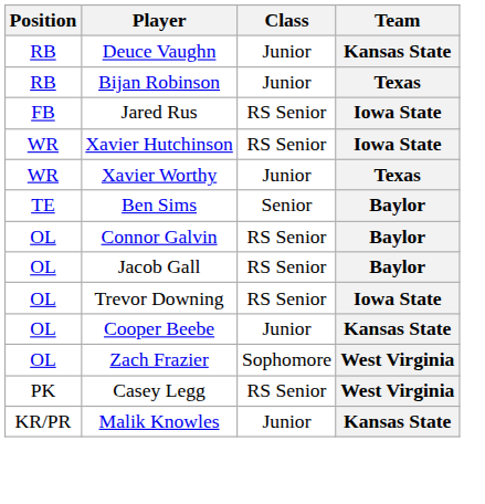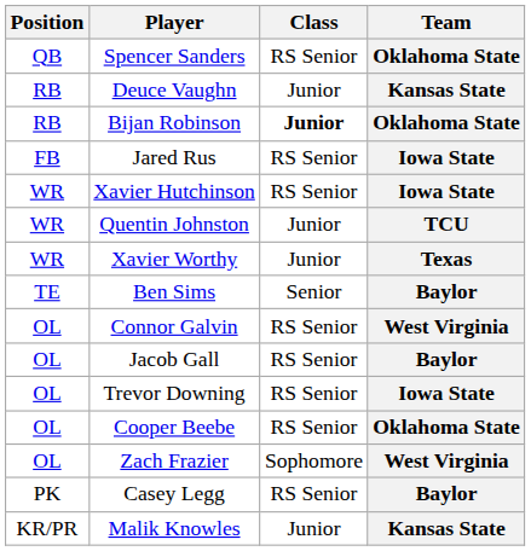 <table class="wikitable sortable" border="1">
 <tr>
 <th>Position</th>
 <th>Player</th>
 <th>Class</th>
 <th>Team</th>
+</tr>
+<tr>
+<td style="text-align:center; background:white"><a href='#'>QB</a></td>
+<td style="text-align:center; background:white"><a href='#'>Spencer Sanders</a></td>
+<td style="text-align:center; background:white">RS Senior</td>
+<th>Oklahoma State</th>
 </tr>
 <tr>
 <td style="text-align:center; background:white"><a href='#'>RB</a></td>
 <td style="text-align:center; background:white"><a href='#'>Deuce Vaughn</a></td>
 <td style="text-align:center; background:white">Junior</td>
 <th>Kansas State</th>
 </tr>
 <tr>
 <td style="text-align:center; background:white"><a href='#'>RB</a></td>
 <td style="text-align:center; background:white"><a href='#'>Bijan Robinson</a></td>
-<td style="text-align:center; background:white">Junior</td>
-<th>Texas</th>
+<td style="text-align:center; background:white"><strong>Junior</strong></td>
+<th>Oklahoma State</th>
 </tr>
 <tr>
 <td style="text-align:center; background:white"><a href='#'>FB</a></td>
 <td style="text-align:center; background:white">Jared Rus</td>
 <td style="text-align:center; background:white">RS Senior</td>
 <th>Iowa State</th>
 </tr>
 <tr>
 <td style="text-align:center; background:white"><a href='#'>WR</a></td>
 <td style="text-align:center; background:white"><a href='#'>Xavier Hutchinson</a></td>
 <td style="text-align:center; background:white">RS Senior</td>
 <th>Iowa State</th>
+</tr>
+<tr>
+<td style="text-align:center; background:white"><a href='#'>WR</a></td>
+<td style="text-align:center; background:white"><a href='#'>Quentin Johnston</a></td>
+<td style="text-align:center; background:white">Junior</td>
+<th>TCU</th>
 </tr>
 <tr>
 <td style="text-align:center; background:white"><a href='#'>WR</a></td>
 <td style="text-align:center; background:white"><a href='#'>Xavier Worthy</a></td>
 <td style="text-align:center; background:white">Junior</td>
 <th>Texas</th>
 </tr>
 <tr>
 <td style="text-align:center; background:white"><a href='#'>TE</a></td>
 <td style="text-align:center; background:white"><a href='#'>Ben Sims</a></td>
 <td style="text-align:center; background:white">Senior</td>
 <th>Baylor</th>
 </tr>
 <tr>
 <td style="text-align:center; background:white"><a href='#'>OL</a></td>
 <td style="text-align:center; background:white"><a href='#'>Connor Galvin</a></td>
 <td style="text-align:center; background:white">RS Senior</td>
-<th>Baylor</th>
+<th style=>West Virginia</th>
 </tr>
 <tr>
 <td style="text-align:center; background:white"><a href='#'>OL</a></td>
 <td style="text-align:center; background:white">Jacob Gall</td>
 <td style="text-align:center; background:white">RS Senior</td>
 <th>Baylor</th>
 </tr>
 <tr>
 <td style="text-align:center; background:white"><a href='#'>OL</a></td>
 <td style="text-align:center; background:white">Trevor Downing</td>
 <td style="text-align:center; background:white">RS Senior</td>
 <th>Iowa State</th>
 </tr>
 <tr>
 <td style="text-align:center; background:white"><a href='#'>OL</a></td>
 <td style="text-align:center; background:white"><a href='#'>Cooper Beebe</a></td>
-<td style="text-align:center; background:white">Junior</td>
-<th>Kansas State</th>
+<td style="text-align:center; background:white">RS Senior</td>
+<th>Oklahoma State</th>
 </tr>
 <tr>
 <td style="text-align:center; background:white"><a href='#'>OL</a></td>
 <td style="text-align:center; background:white"><a href='#'>Zach Frazier</a></td>
 <td style="text-align:center; background:white">Sophomore</td>
 <th style=>West Virginia</th>
 </tr>
 <tr>
 <td style="text-align:center; background:white">PK</td>
 <td style="text-align:center; background:white">Casey Legg</td>
 <td style="text-align:center; background:white">RS Senior</td>
-<th style=>West Virginia</th>
+<th>Baylor</th>
 </tr>
 <tr>
 <td style="text-align:center; background:white">KR/PR</td>
 <td style="text-align:center; background:white"><a href='#'>Malik Knowles</a></td>
 <td style="text-align:center; background:white">Junior</td>
 <th>Kansas State</th>
 </tr>
 </table>
